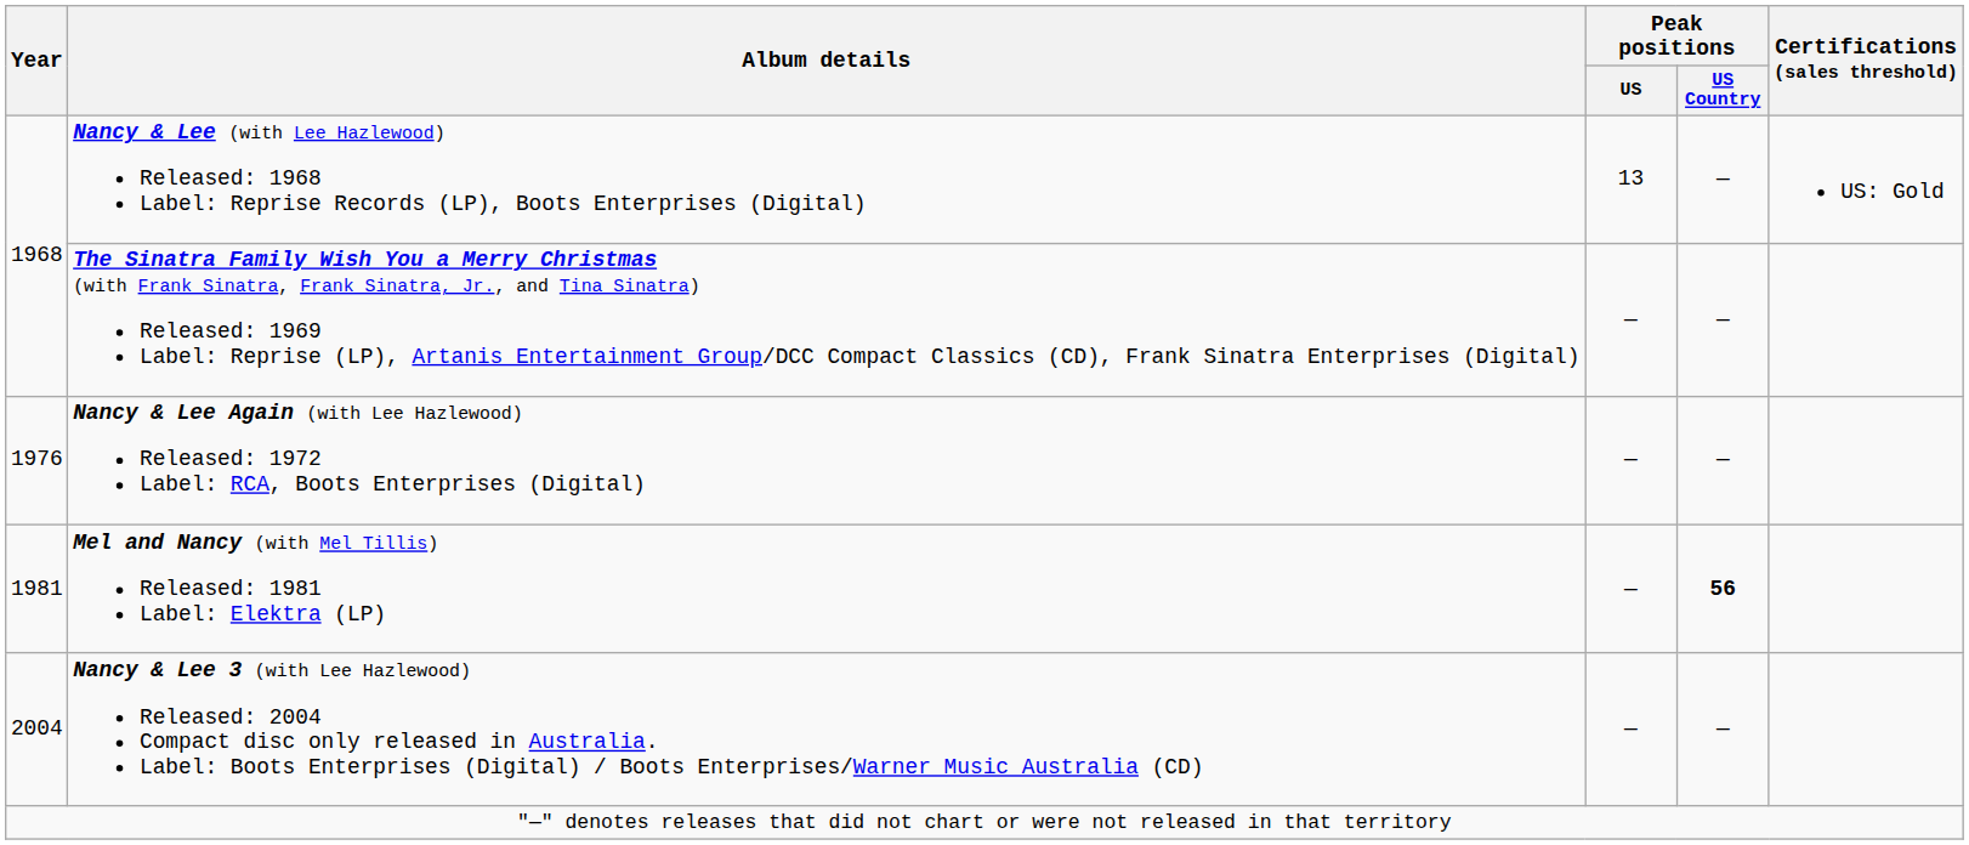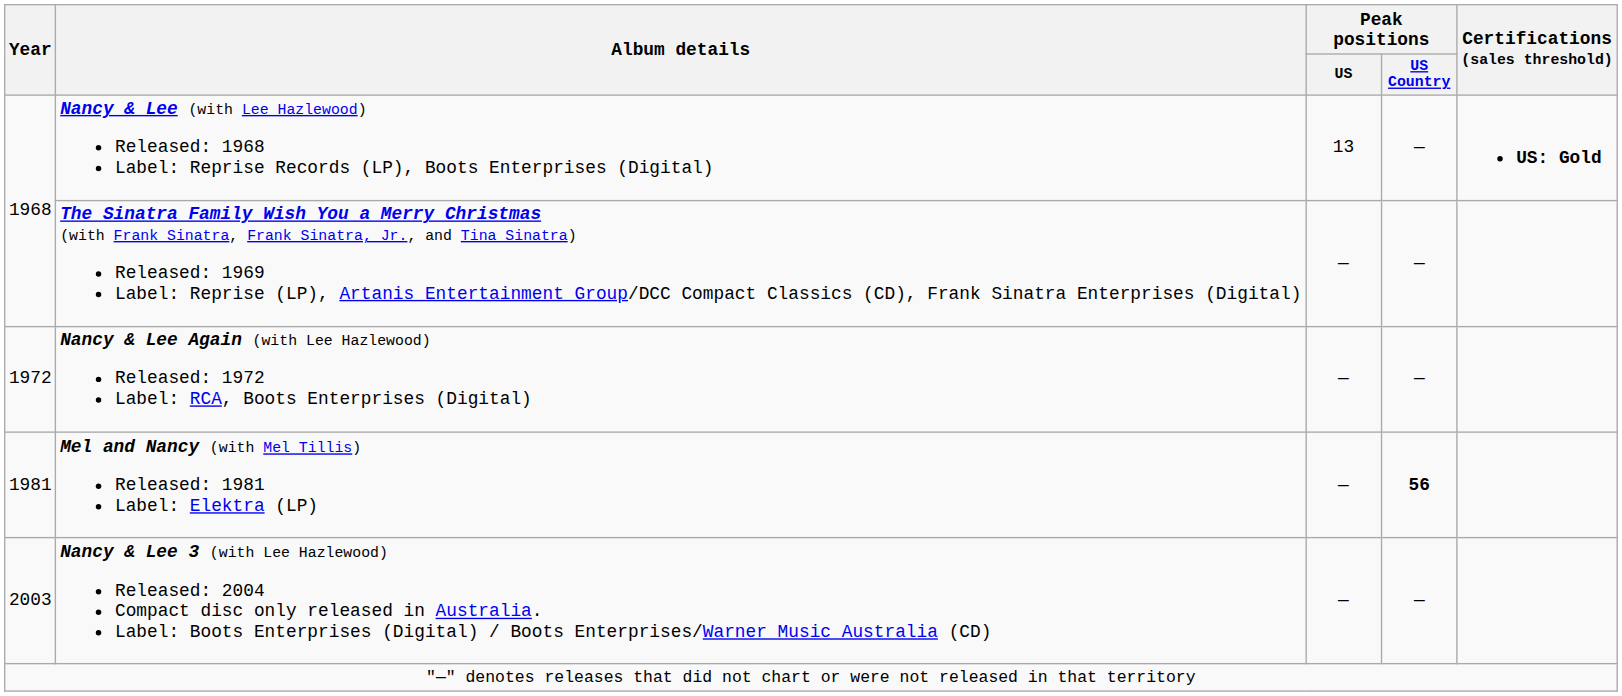 <table class=wikitable style=text-align:center;>
 <tr>
 <th rowspan=2>Year</th>
 <th rowspan=2>Album details</th>
 <th colspan=2>Peak positions</th>
 <th rowspan=2>Certifications<br><small>(sales threshold)</small></th>
 </tr>
 <tr style="font-size:smaller;">
 <th width=50>US<br></th>
 <th width=50><a href='#'>US Country</a><br></th>
 </tr>
 <tr>
 <td rowspan=2>1968</td>
 <td align=left><strong><em><a href='#'>Nancy & Lee</a></em></strong> <small>(with <a href='#'>Lee Hazlewood</a>)</small><br><ul><li>Released: 1968</li><li>Label: Reprise Records (LP), Boots Enterprises (Digital)</li></ul></td>
 <td>13</td>
 <td>—</td>
-<td align=left><br><ul><li>US: Gold</li></ul></td>
+<td align=left><strong><br><ul><li>US: Gold</li></ul></strong></td>
 </tr>
 <tr>
 <td align=left><strong><em><a href='#'>The Sinatra Family Wish You a Merry Christmas</a></em></strong><br><small>(with <a href='#'>Frank Sinatra</a>, <a href='#'>Frank Sinatra, Jr.</a>, and <a href='#'>Tina Sinatra</a>)</small><br><ul><li>Released: 1969</li><li>Label: Reprise (LP), <a href='#'>Artanis Entertainment Group</a>/DCC Compact Classics (CD), Frank Sinatra Enterprises (Digital)</li></ul></td>
 <td>—</td>
 <td>—</td>
 <td></td>
 </tr>
 <tr>
-<td>1976</td>
+<td>1972</td>
 <td align=left><strong><em>Nancy & Lee Again</em></strong> <small>(with Lee Hazlewood)</small><br><ul><li>Released: 1972</li><li>Label: <a href='#'>RCA</a>, Boots Enterprises (Digital)</li></ul></td>
 <td>—</td>
 <td>—</td>
 <td></td>
 </tr>
 <tr>
 <td>1981</td>
 <td align=left><strong><em>Mel and Nancy</em></strong> <small>(with <a href='#'>Mel Tillis</a>)</small><br><ul><li>Released: 1981</li><li>Label: <a href='#'>Elektra</a> (LP)</li></ul></td>
 <td>—</td>
 <td><strong>56</strong></td>
 <td></td>
 </tr>
 <tr>
-<td>2004</td>
+<td>2003</td>
 <td align=left><strong><em>Nancy & Lee 3</em></strong> <small>(with Lee Hazlewood)</small><br><ul><li>Released: 2004</li><li>Compact disc only released in <a href='#'>Australia</a>.</li><li>Label: Boots Enterprises (Digital) / Boots Enterprises/<a href='#'>Warner Music Australia</a> (CD)</li></ul></td>
 <td>—</td>
 <td>—</td>
 <td></td>
 </tr>
 <tr>
 <td align="center" colspan="5" style="font-size: 9pt">"—" denotes releases that did not chart or were not released in that territory</td>
 </tr>
 </table>
